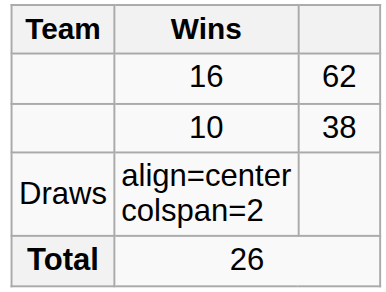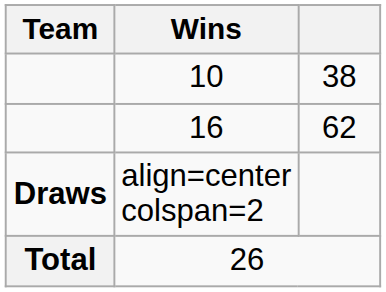 <table class="wikitable" style="float: right">
 <tr style="font-size: 96%;">
 <th>Team</th>
 <th width=35px>Wins</th>
 <th width=35px></th>
 </tr>
 <tr>
 <td></td>
+<td align=center>10</td>
+<td align=center>38</td>
+</tr>
+<tr>
+<td></td>
 <td align=center>16</td>
 <td align=center>62</td>
 </tr>
 <tr>
-<td></td>
-<td align=center>10</td>
-<td align=center>38</td>
-</tr>
-<tr>
-<td>Draws</td>
+<td><strong>Draws</strong></td>
 <td>align=center colspan=2 </td>
 </tr>
 <tr>
 <th>Total</th>
 <td align=center colspan=2>26</td>
 </tr>
 </table>
